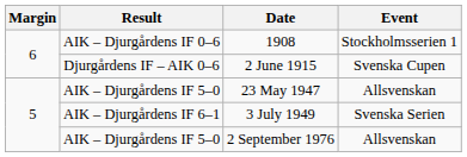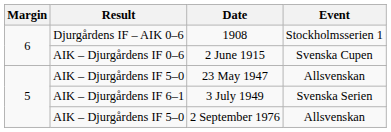 <table class="wikitable" style="font-size:90%; text-align: center">
 <tr>
 <th>Margin</th>
 <th>Result</th>
 <th>Date</th>
 <th>Event</th>
 </tr>
 <tr>
 <td rowspan=2>6</td>
-<td>AIK – Djurgårdens IF 0–6</td>
+<td>Djurgårdens IF – AIK 0–6</td>
 <td>1908</td>
 <td>Stockholmsserien 1</td>
 </tr>
 <tr>
-<td>Djurgårdens IF – AIK 0–6</td>
+<td>AIK – Djurgårdens IF 0–6</td>
 <td>2 June 1915</td>
 <td>Svenska Cupen</td>
 </tr>
 <tr>
 <td rowspan=3>5</td>
 <td>AIK – Djurgårdens IF 5–0</td>
 <td>23 May 1947</td>
 <td>Allsvenskan</td>
 </tr>
 <tr>
 <td>AIK – Djurgårdens IF 6–1</td>
 <td>3 July 1949</td>
 <td>Svenska Serien</td>
 </tr>
 <tr>
 <td>AIK – Djurgårdens IF 5–0</td>
 <td>2 September 1976</td>
 <td>Allsvenskan</td>
 </tr>
 </table>
